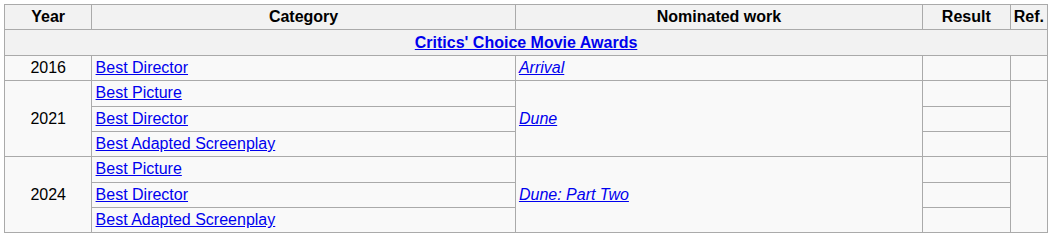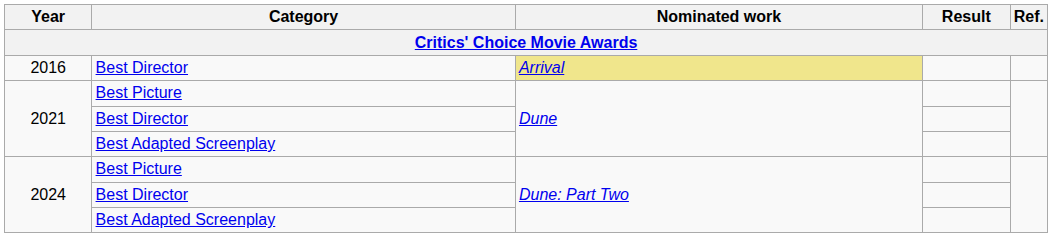 <table class=wikitable>
 <tr>
 <th scope="col" style="width:5em;">Year</th>
 <th scope="col" style="width:26em;">Category</th>
 <th scope="col" style="width:25em;">Nominated work</th>
 <th scope="col" style="width:5em;">Result</th>
 <th>Ref.</th>
 </tr>
 <tr>
 <th colspan=5><a href='#'>Critics' Choice Movie Awards</a></th>
 </tr>
 <tr>
 <td style="text-align:center;">2016</td>
 <td><a href='#'>Best Director</a></td>
-<td><em><a href='#'>Arrival</a></em></td>
+<td style="background: khaki;"><em><a href='#'>Arrival</a></em></td>
 <td></td>
 <td style="text-align:center;"></td>
 </tr>
 <tr>
 <td style="text-align:center;", rowspan="3">2021</td>
 <td><a href='#'>Best Picture</a></td>
 <td rowspan="3"><em><a href='#'>Dune</a></em></td>
 <td></td>
 <td style="text-align:center;", rowspan=3></td>
 </tr>
 <tr>
 <td><a href='#'>Best Director</a></td>
 <td></td>
 </tr>
 <tr>
 <td><a href='#'>Best Adapted Screenplay</a></td>
 <td></td>
 </tr>
 <tr>
 <td style="text-align:center;", rowspan="3">2024</td>
 <td><a href='#'>Best Picture</a></td>
 <td rowspan="3"><em><a href='#'>Dune: Part Two</a></em></td>
 <td></td>
 <td style="text-align:center;", rowspan=3></td>
 </tr>
 <tr>
 <td><a href='#'>Best Director</a></td>
 <td></td>
 </tr>
 <tr>
 <td><a href='#'>Best Adapted Screenplay</a></td>
 <td></td>
 </tr>
 <tr>
 </tr>
 </table>
